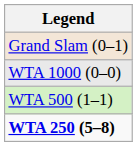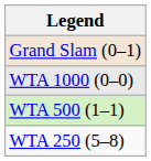 <table class=wikitable style="font-size:90%">
 <tr>
 <th>Legend</th>
 </tr>
 <tr>
 <td bgcolor=f3e6d7><a href='#'>Grand Slam</a> (0–1)</td>
 </tr>
 <tr>
 <td bgcolor=e9e9e9><a href='#'>WTA 1000</a> (0–0)</td>
 </tr>
 <tr>
 <td bgcolor=d4f1c5><a href='#'>WTA 500</a> (1–1)</td>
 </tr>
 <tr>
-<td><strong><a href='#'>WTA 250</a> (5–8)</strong></td>
+<td><a href='#'>WTA 250</a> (5–8)</td>
 </tr>
 </table>
